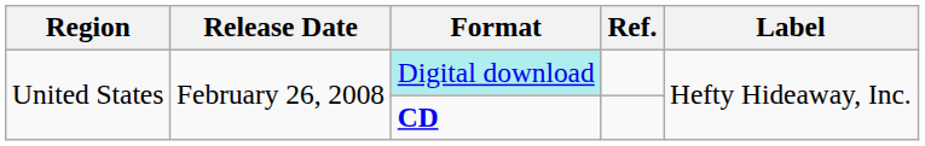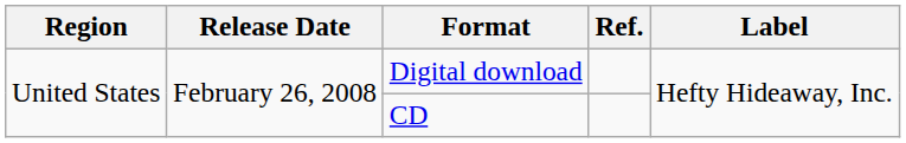 <table class="wikitable">
 <tr>
 <th>Region</th>
 <th>Release Date</th>
 <th>Format</th>
 <th>Ref.</th>
 <th>Label</th>
 </tr>
 <tr>
 <td rowspan="2">United States</td>
 <td rowspan="2">February 26, 2008</td>
-<td style="background: paleturquoise;"><a href='#'>Digital download</a></td>
+<td><a href='#'>Digital download</a></td>
 <td></td>
 <td rowspan="2">Hefty Hideaway, Inc.</td>
 </tr>
 <tr>
-<td><strong><a href='#'>CD</a></strong></td>
+<td><a href='#'>CD</a></td>
 <td></td>
 </tr>
 </table>
